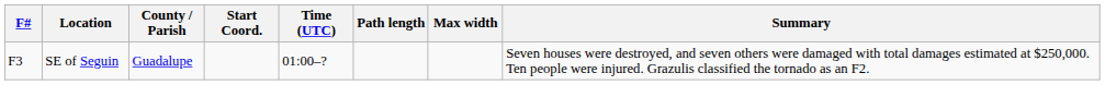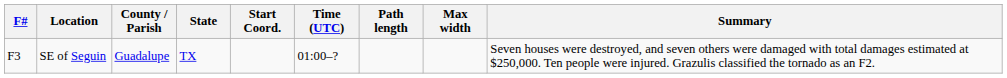 <table class="wikitable sortable" style="width:100%;">
 <tr>
 <th scope="col"  style="width:3%; text-align:center;"><a href='#'>F#</a></th>
 <th scope="col"  style="width:7%; text-align:center;" class="unsortable">Location</th>
 <th scope="col"  style="width:6%; text-align:center;" class="unsortable">County / Parish</th>
+<th scope="col"  style="width:5%; text-align:center;">State</th>
 <th scope="col"  style="width:6%; text-align:center;">Start Coord.</th>
 <th scope="col"  style="width:6%; text-align:center;">Time (<a href='#'>UTC</a>)</th>
 <th scope="col"  style="width:6%; text-align:center;">Path length</th>
 <th scope="col"  style="width:6%; text-align:center;">Max width</th>
 <th scope="col" class="unsortable" style="width:48%; text-align:center;">Summary</th>
 </tr>
 <tr>
 <td>F3</td>
 <td>SE of <a href='#'>Seguin</a></td>
 <td><a href='#'>Guadalupe</a></td>
+<td><a href='#'>TX</a></td>
 <td></td>
 <td>01:00–?</td>
 <td></td>
 <td></td>
 <td>Seven houses were destroyed, and seven others were damaged with total damages estimated at $250,000. Ten people were injured. Grazulis classified the tornado as an F2.</td>
 </tr>
 </table>
